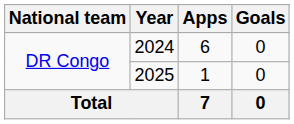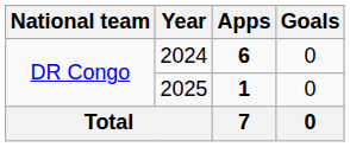 <table class=wikitable style=text-align:center>
 <tr>
 <th>National team</th>
 <th>Year</th>
 <th>Apps</th>
 <th>Goals</th>
 </tr>
 <tr>
 <td rowspan="2"><a href='#'>DR Congo</a></td>
 <td>2024</td>
-<td>6</td>
+<td><strong>6</strong></td>
 <td>0</td>
 </tr>
 <tr>
 <td>2025</td>
-<td>1</td>
+<td><strong>1</strong></td>
 <td>0</td>
 </tr>
 <tr>
 <th colspan="2">Total</th>
 <th>7</th>
 <th>0</th>
 </tr>
 </table>
